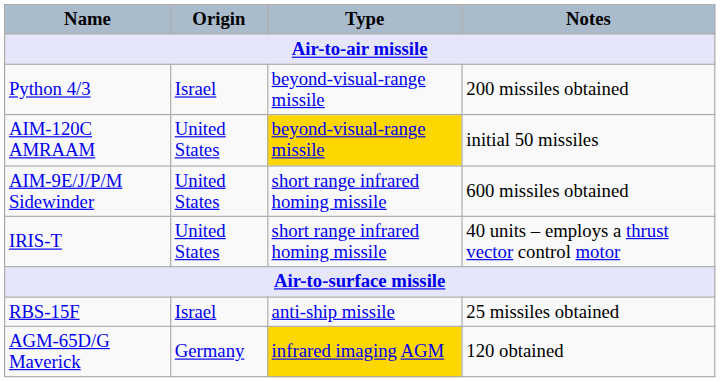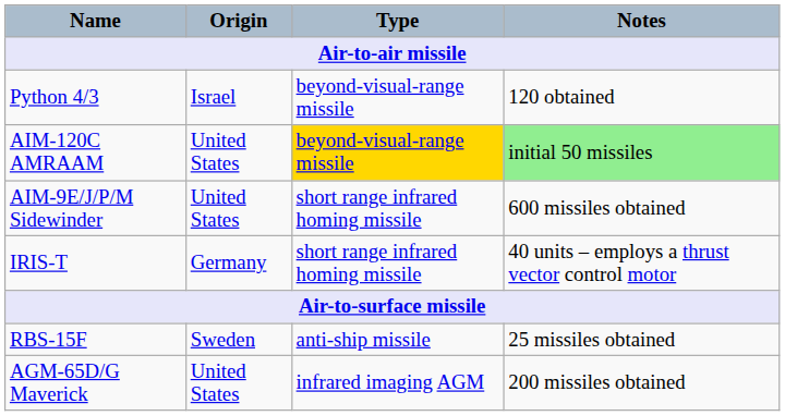 <table class="wikitable">
 <tr>
 <th style="text-align:center; background:#aabccc;">Name</th>
 <th style="text-align: center; background:#aabccc;">Origin</th>
 <th style="text-align:l center; background:#aabccc;">Type</th>
 <th style="text-align: center; background:#aabccc;">Notes</th>
 </tr>
 <tr>
 <th style="align: center; background: lavender;" colspan="7"><a href='#'>Air-to-air missile</a></th>
 </tr>
 <tr>
 <td><a href='#'>Python 4/3</a></td>
 <td><a href='#'>Israel</a></td>
 <td><a href='#'>beyond-visual-range missile</a></td>
-<td>200 missiles obtained</td>
+<td>120 obtained</td>
 </tr>
 <tr>
 <td><a href='#'>AIM-120C AMRAAM</a></td>
 <td><a href='#'>United States</a></td>
 <td style="background: gold;"><a href='#'>beyond-visual-range missile</a></td>
-<td>initial 50 missiles</td>
+<td style="background: lightgreen;">initial 50 missiles</td>
 </tr>
 <tr>
 <td><a href='#'>AIM-9E/J/P/M Sidewinder</a></td>
 <td><a href='#'>United States</a></td>
 <td><a href='#'>short range infrared homing missile</a></td>
 <td>600 missiles obtained</td>
 </tr>
 <tr>
 <td><a href='#'>IRIS-T</a></td>
-<td><a href='#'>United States</a></td>
+<td><a href='#'>Germany</a></td>
 <td><a href='#'>short range infrared homing missile</a></td>
 <td>40 units – employs a <a href='#'>thrust vector</a> control <a href='#'>motor</a></td>
 </tr>
 <tr>
 <th style="align: center; background: lavender;" colspan="7"><a href='#'>Air-to-surface missile</a></th>
 </tr>
 <tr>
 <td><a href='#'>RBS-15F</a></td>
-<td><a href='#'>Israel</a></td>
+<td><a href='#'>Sweden</a></td>
 <td><a href='#'>anti-ship missile</a></td>
 <td>25 missiles obtained</td>
 </tr>
 <tr>
 <td><a href='#'>AGM-65D/G Maverick</a></td>
-<td><a href='#'>Germany</a></td>
-<td style="background: gold;"><a href='#'>infrared imaging</a> <a href='#'>AGM</a></td>
-<td>120 obtained</td>
+<td><a href='#'>United States</a></td>
+<td><a href='#'>infrared imaging</a> <a href='#'>AGM</a></td>
+<td>200 missiles obtained</td>
 </tr>
 </table>
